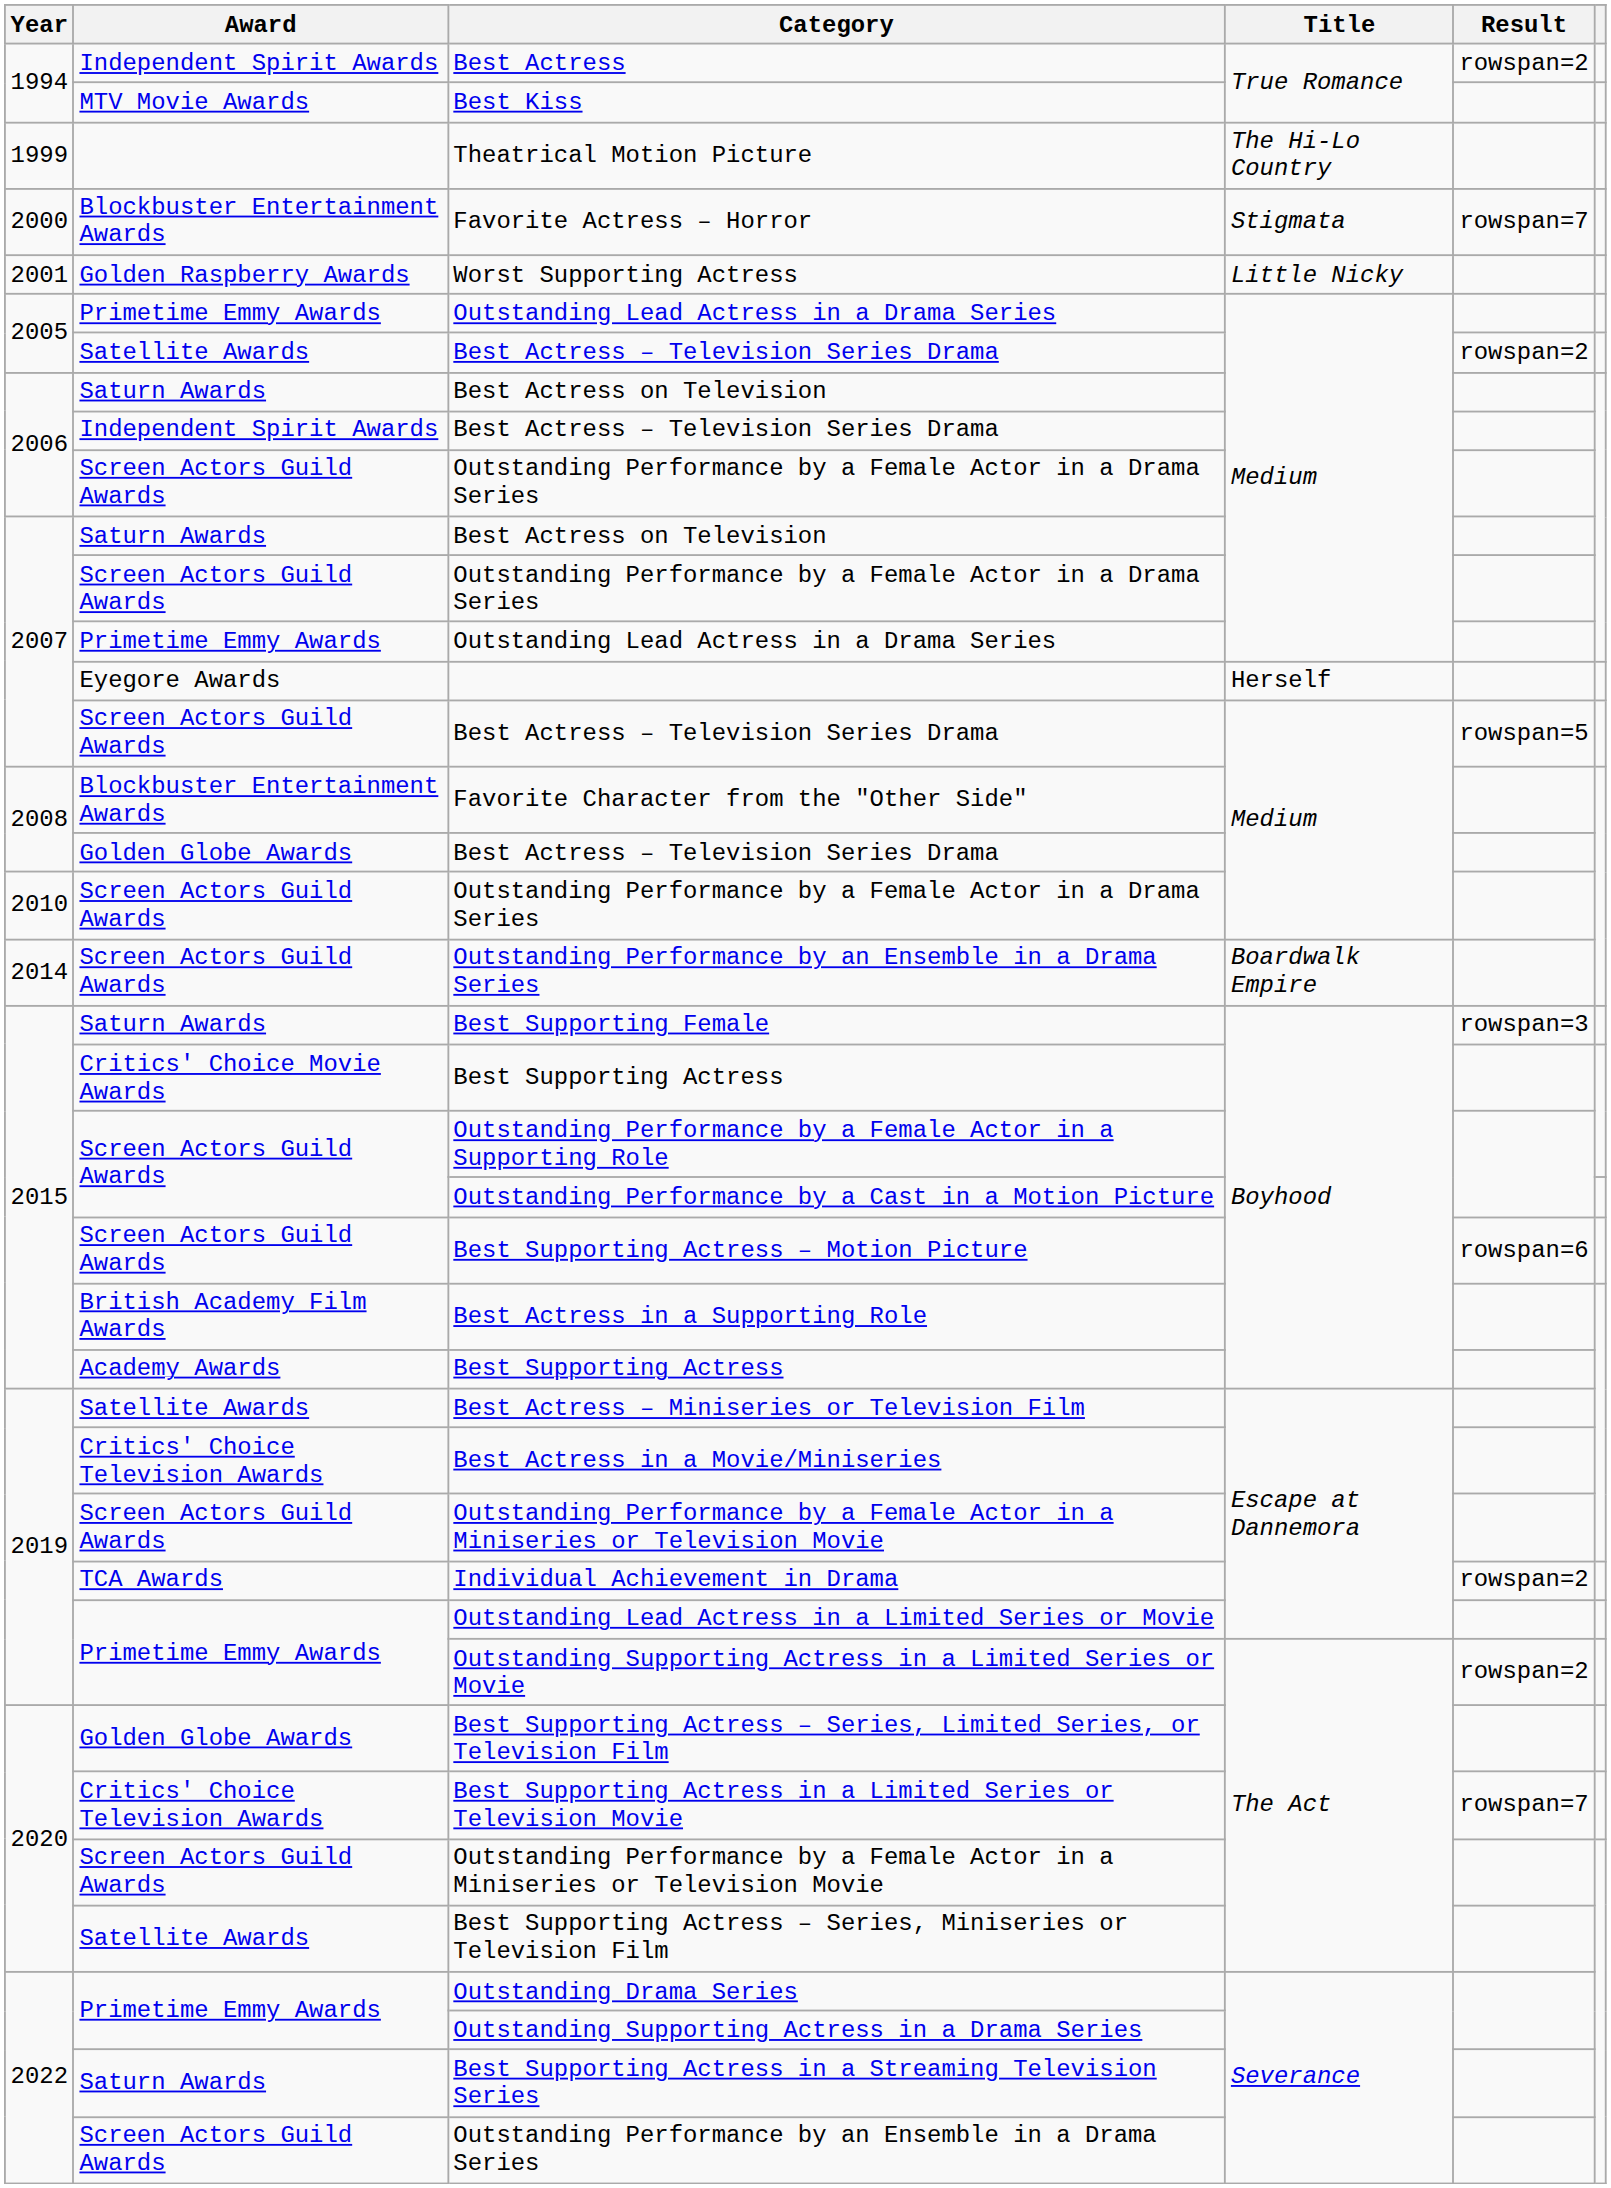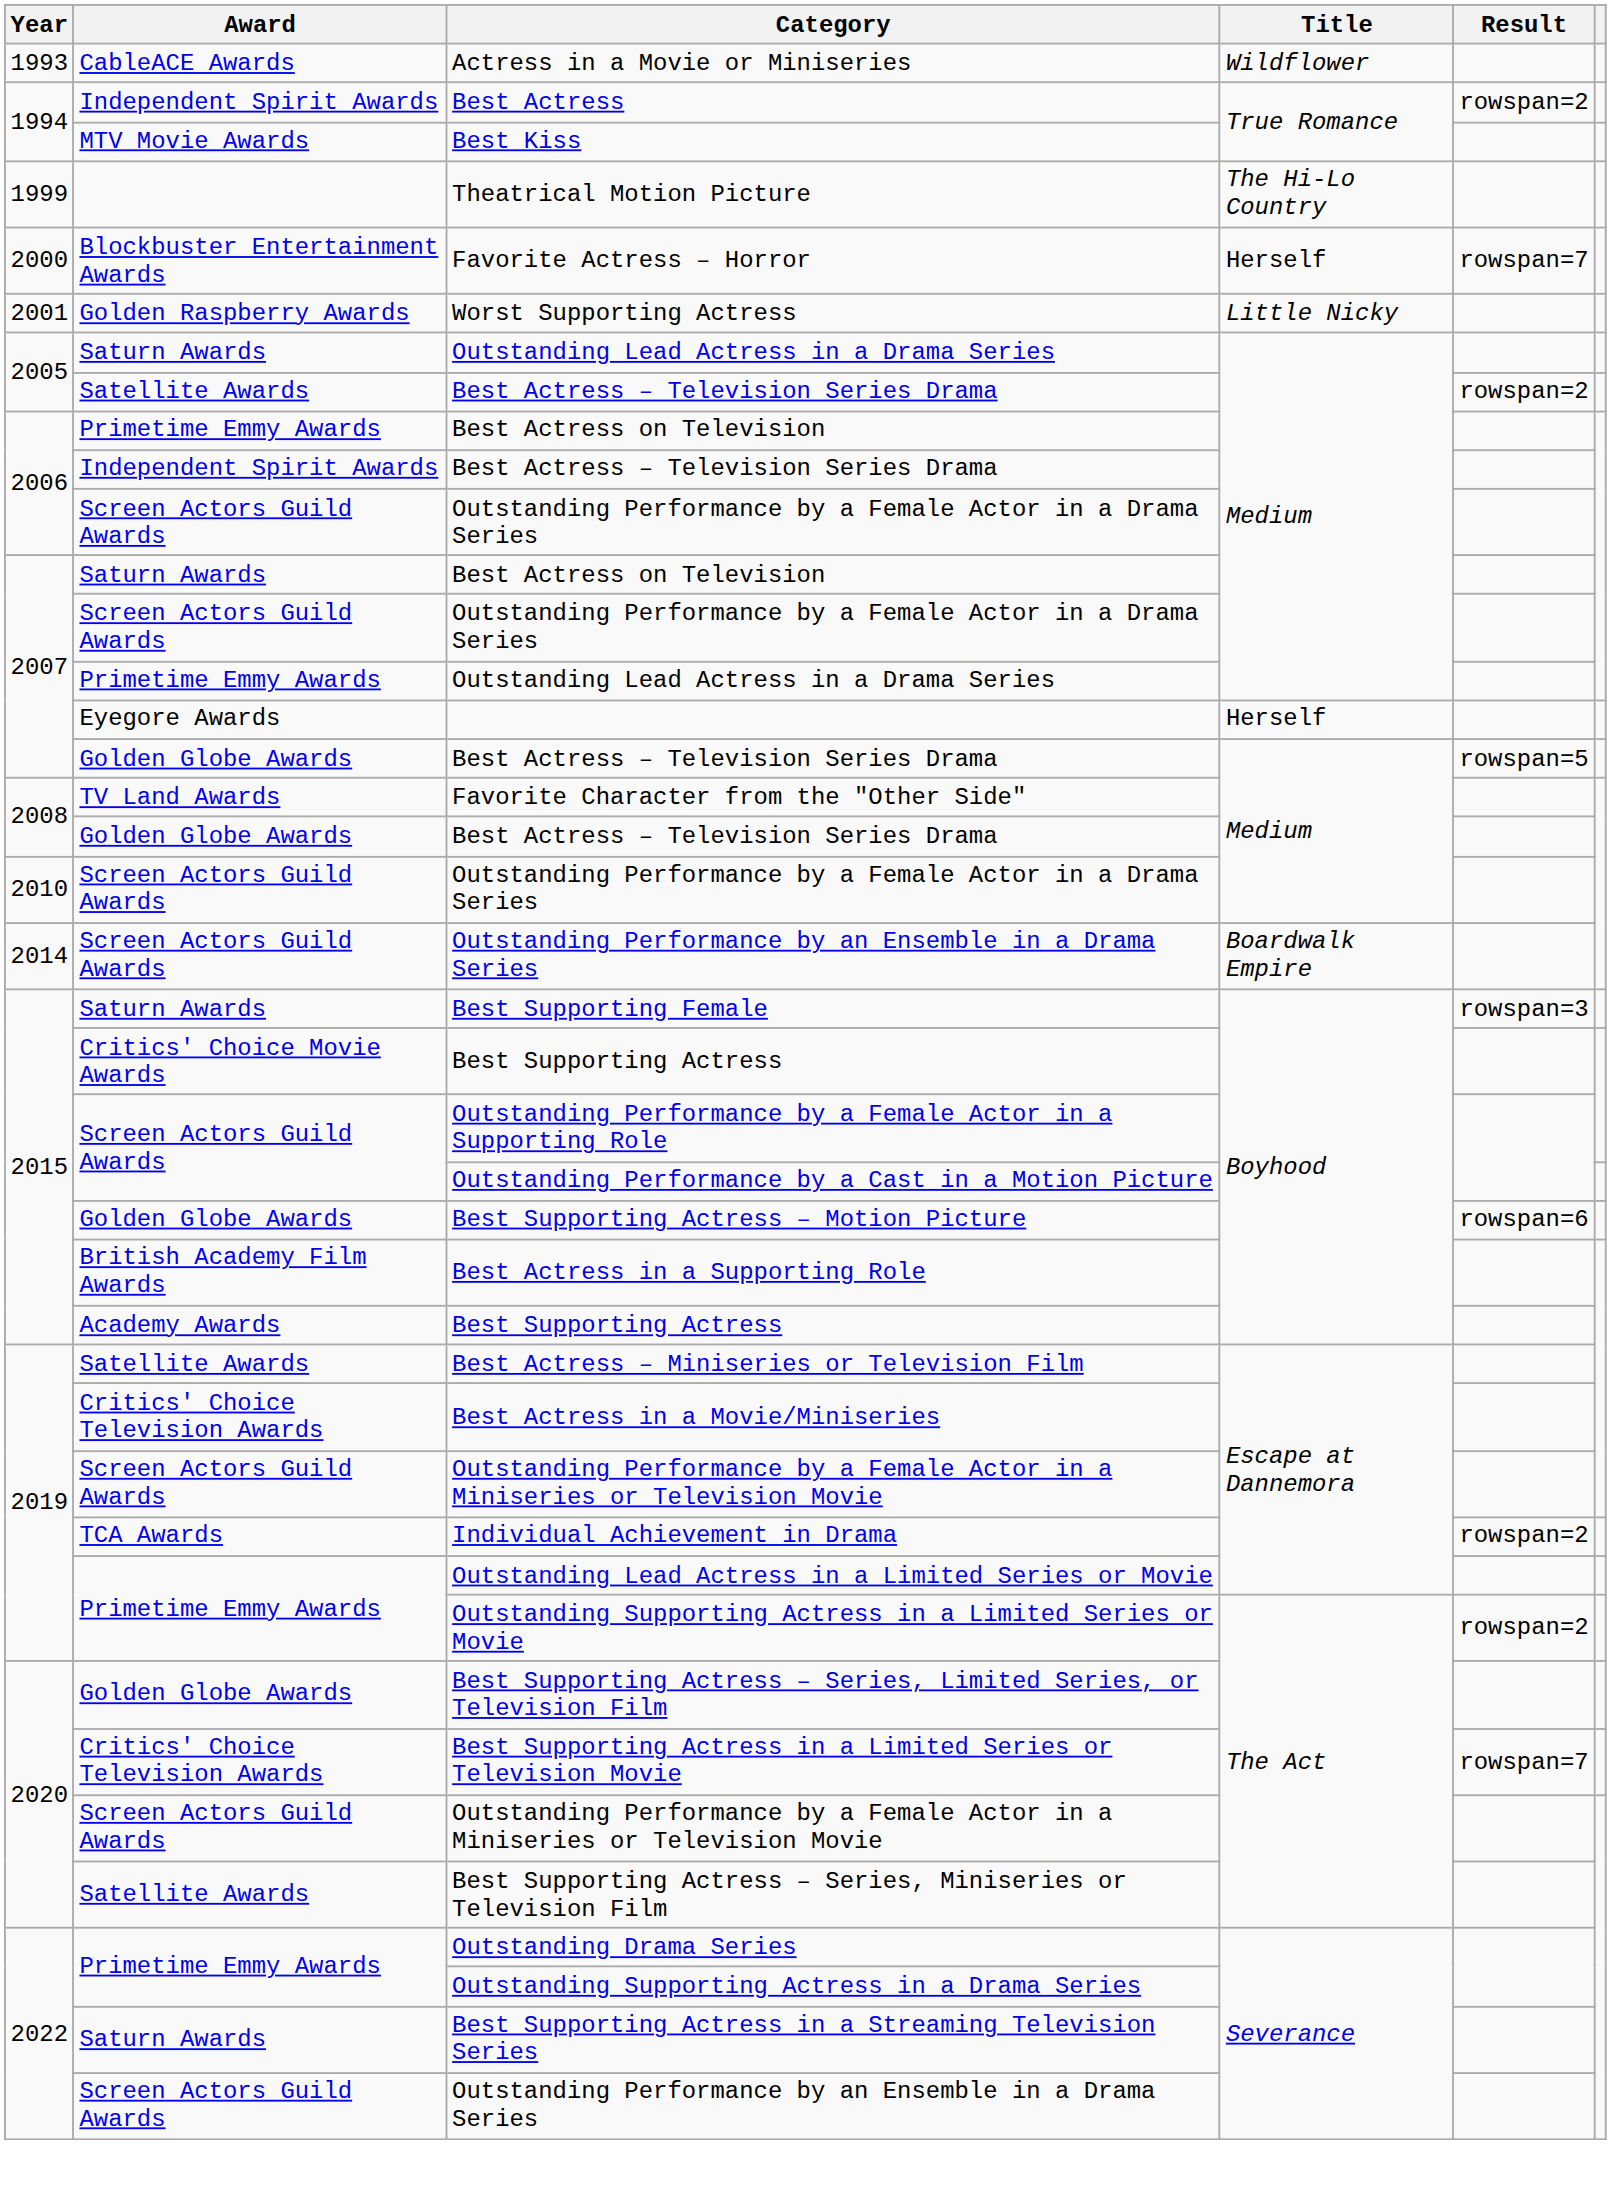 <table class="wikitable sortable">
 <tr>
 <th>Year</th>
 <th>Award</th>
 <th>Category</th>
 <th>Title</th>
 <th>Result</th>
 <th class="unsortable"></th>
+</tr>
+<tr>
+<td>1993</td>
+<td><a href='#'>CableACE Awards</a></td>
+<td>Actress in a Movie or Miniseries</td>
+<td><em>Wildflower</em></td>
+<td></td>
+<td></td>
 </tr>
 <tr>
 <td rowspan=2>1994</td>
 <td><a href='#'>Independent Spirit Awards</a></td>
 <td><a href='#'>Best Actress</a></td>
 <td rowspan=2><em>True Romance</em></td>
 <td>rowspan=2 </td>
 <td></td>
 </tr>
 <tr>
 <td><a href='#'>MTV Movie Awards</a></td>
 <td><a href='#'>Best Kiss</a></td>
 <td></td>
 </tr>
 <tr>
 <td>1999</td>
 <td></td>
 <td>Theatrical Motion Picture</td>
 <td><em>The Hi-Lo Country</em></td>
 <td></td>
 <td></td>
 </tr>
 <tr>
 <td>2000</td>
 <td><a href='#'>Blockbuster Entertainment Awards</a></td>
 <td>Favorite Actress – Horror</td>
-<td><em>Stigmata</em></td>
+<td>Herself</td>
 <td>rowspan=7 </td>
 <td></td>
 </tr>
 <tr>
 <td>2001</td>
 <td><a href='#'>Golden Raspberry Awards</a></td>
 <td>Worst Supporting Actress</td>
 <td><em>Little Nicky</em></td>
 <td></td>
 </tr>
 <tr>
 <td rowspan=2>2005</td>
-<td><a href='#'>Primetime Emmy Awards</a></td>
+<td><a href='#'>Saturn Awards</a></td>
 <td><a href='#'>Outstanding Lead Actress in a Drama Series</a></td>
 <td rowspan=8><em>Medium</em></td>
 <td></td>
 <td></td>
 </tr>
 <tr>
 <td><a href='#'>Satellite Awards</a></td>
 <td><a href='#'>Best Actress – Television Series Drama</a></td>
 <td>rowspan=2 </td>
 <td></td>
 </tr>
 <tr>
 <td rowspan=3>2006</td>
-<td><a href='#'>Saturn Awards</a></td>
+<td><a href='#'>Primetime Emmy Awards</a></td>
 <td>Best Actress on Television</td>
 <td></td>
 </tr>
 <tr>
 <td><a href='#'>Independent Spirit Awards</a></td>
 <td>Best Actress – Television Series Drama</td>
 <td></td>
 </tr>
 <tr>
 <td><a href='#'>Screen Actors Guild Awards</a></td>
 <td>Outstanding Performance by a Female Actor in a Drama Series</td>
 <td></td>
 </tr>
 <tr>
 <td rowspan=5>2007</td>
 <td><a href='#'>Saturn Awards</a></td>
 <td>Best Actress on Television</td>
 <td></td>
 </tr>
 <tr>
 <td><a href='#'>Screen Actors Guild Awards</a></td>
 <td>Outstanding Performance by a Female Actor in a Drama Series</td>
 <td></td>
 </tr>
 <tr>
 <td><a href='#'>Primetime Emmy Awards</a></td>
 <td>Outstanding Lead Actress in a Drama Series</td>
 <td></td>
 </tr>
 <tr>
 <td>Eyegore Awards</td>
 <td></td>
 <td>Herself</td>
 <td></td>
 <td></td>
 </tr>
 <tr>
-<td><a href='#'>Screen Actors Guild Awards</a></td>
+<td><a href='#'>Golden Globe Awards</a></td>
 <td>Best Actress – Television Series Drama</td>
 <td rowspan=4><em>Medium</em></td>
 <td>rowspan=5 </td>
 <td></td>
 </tr>
 <tr>
 <td rowspan=2>2008</td>
-<td><a href='#'>Blockbuster Entertainment Awards</a></td>
+<td><a href='#'>TV Land Awards</a></td>
 <td>Favorite Character from the "Other Side"</td>
 <td></td>
 </tr>
 <tr>
 <td><a href='#'>Golden Globe Awards</a></td>
 <td>Best Actress – Television Series Drama</td>
 <td></td>
 </tr>
 <tr>
 <td>2010</td>
 <td><a href='#'>Screen Actors Guild Awards</a></td>
 <td>Outstanding Performance by a Female Actor in a Drama Series</td>
 <td></td>
 </tr>
 <tr>
 <td>2014</td>
 <td><a href='#'>Screen Actors Guild Awards</a></td>
 <td><a href='#'>Outstanding Performance by an Ensemble in a Drama Series</a></td>
 <td><em>Boardwalk Empire</em></td>
 <td></td>
 </tr>
 <tr>
 <td rowspan=7>2015</td>
 <td><a href='#'>Saturn Awards</a></td>
 <td><a href='#'>Best Supporting Female</a></td>
 <td rowspan=7><em>Boyhood</em></td>
 <td>rowspan=3 </td>
 <td></td>
 </tr>
 <tr>
 <td><a href='#'>Critics' Choice Movie Awards</a></td>
 <td>Best Supporting Actress</td>
 <td></td>
 </tr>
 <tr>
 <td rowspan=2><a href='#'>Screen Actors Guild Awards</a></td>
 <td><a href='#'>Outstanding Performance by a Female Actor in a Supporting Role</a></td>
 <td rowspan=2></td>
 </tr>
 <tr>
 <td><a href='#'>Outstanding Performance by a Cast in a Motion Picture</a></td>
 <td></td>
 </tr>
 <tr>
-<td><a href='#'>Screen Actors Guild Awards</a></td>
+<td><a href='#'>Golden Globe Awards</a></td>
 <td><a href='#'>Best Supporting Actress – Motion Picture</a></td>
 <td>rowspan=6 </td>
 <td></td>
 </tr>
 <tr>
 <td><a href='#'>British Academy Film Awards</a></td>
 <td><a href='#'>Best Actress in a Supporting Role</a></td>
 <td></td>
 </tr>
 <tr>
 <td><a href='#'>Academy Awards</a></td>
 <td><a href='#'>Best Supporting Actress</a></td>
 <td></td>
 </tr>
 <tr>
 <td rowspan=6>2019</td>
 <td><a href='#'>Satellite Awards</a></td>
 <td><a href='#'>Best Actress – Miniseries or Television Film</a></td>
 <td rowspan=5><em>Escape at Dannemora</em></td>
 <td></td>
 </tr>
 <tr>
 <td><a href='#'>Critics' Choice Television Awards</a></td>
 <td><a href='#'>Best Actress in a Movie/Miniseries</a></td>
 <td></td>
 </tr>
 <tr>
 <td><a href='#'>Screen Actors Guild Awards</a></td>
 <td><a href='#'>Outstanding Performance by a Female Actor in a Miniseries or Television Movie</a></td>
 <td></td>
 </tr>
 <tr>
 <td><a href='#'>TCA Awards</a></td>
 <td><a href='#'>Individual Achievement in Drama</a></td>
 <td>rowspan=2 </td>
 <td></td>
 </tr>
 <tr>
 <td rowspan=2><a href='#'>Primetime Emmy Awards</a></td>
 <td><a href='#'>Outstanding Lead Actress in a Limited Series or Movie</a></td>
 <td></td>
 </tr>
 <tr>
 <td><a href='#'>Outstanding Supporting Actress in a Limited Series or Movie</a></td>
 <td rowspan=5><em>The Act</em></td>
 <td>rowspan=2 </td>
 <td></td>
 </tr>
 <tr>
 <td rowspan=4>2020</td>
 <td><a href='#'>Golden Globe Awards</a></td>
 <td><a href='#'>Best Supporting Actress – Series, Limited Series, or Television Film</a></td>
 <td></td>
 </tr>
 <tr>
 <td><a href='#'>Critics' Choice Television Awards</a></td>
 <td><a href='#'>Best Supporting Actress in a Limited Series or Television Movie</a></td>
 <td>rowspan=7 </td>
 <td></td>
 </tr>
 <tr>
 <td><a href='#'>Screen Actors Guild Awards</a></td>
 <td>Outstanding Performance by a Female Actor in a Miniseries or Television Movie</td>
 <td></td>
 </tr>
 <tr>
 <td><a href='#'>Satellite Awards</a></td>
 <td>Best Supporting Actress – Series, Miniseries or Television Film</td>
 <td></td>
 </tr>
 <tr>
 <td rowspan=4>2022</td>
 <td rowspan=2><a href='#'>Primetime Emmy Awards</a></td>
 <td><a href='#'>Outstanding Drama Series</a> </td>
 <td rowspan=5><em><a href='#'>Severance</a></em></td>
 <td rowspan=2></td>
 </tr>
 <tr>
 <td><a href='#'>Outstanding Supporting Actress in a Drama Series</a></td>
 </tr>
 <tr>
 <td><a href='#'>Saturn Awards</a></td>
 <td><a href='#'>Best Supporting Actress in a Streaming Television Series</a></td>
 <td></td>
 </tr>
 <tr>
 <td><a href='#'>Screen Actors Guild Awards</a></td>
 <td>Outstanding Performance by an Ensemble in a Drama Series</td>
 <td></td>
 </tr>
 </table>
